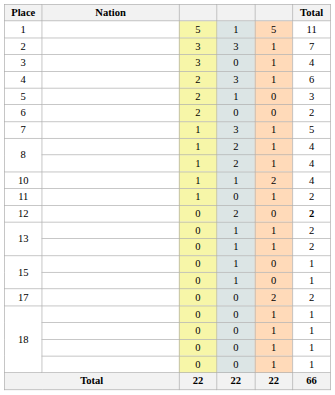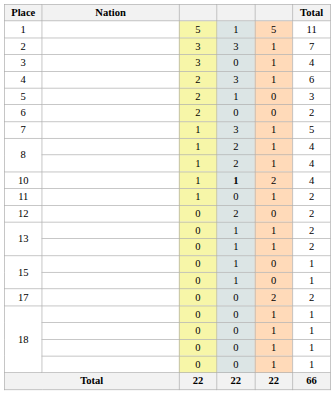 <table class="wikitable" style="border:1px solid #AAAAAA">
 <tr bgcolor="#EFEFEF">
 <th width=50>Place</th>
 <th width=200>Nation</th>
 <th width=50></th>
 <th width=50></th>
 <th width=50></th>
 <th width=50>Total</th>
 </tr>
 <tr align=center bgcolor="#FFFFFF">
 <td>1</td>
 <td align="left"></td>
 <td style="background:#F7F6A8;">5</td>
 <td style="background:#DCE5E5;">1</td>
 <td style="background:#FFDAB9;">5</td>
 <td>11</td>
 </tr>
 <tr align=center bgcolor="#FFFFFF">
 <td>2</td>
 <td align="left"></td>
 <td style="background:#F7F6A8;">3</td>
 <td style="background:#DCE5E5;">3</td>
 <td style="background:#FFDAB9;">1</td>
 <td>7</td>
 </tr>
 <tr align=center bgcolor="#FFFFFF">
 <td>3</td>
 <td align="left"></td>
 <td style="background:#F7F6A8;">3</td>
 <td style="background:#DCE5E5;">0</td>
 <td style="background:#FFDAB9;">1</td>
 <td>4</td>
 </tr>
 <tr align=center bgcolor="#FFFFFF">
 <td>4</td>
 <td align="left"></td>
 <td style="background:#F7F6A8;">2</td>
 <td style="background:#DCE5E5;">3</td>
 <td style="background:#FFDAB9;">1</td>
 <td>6</td>
 </tr>
 <tr align=center bgcolor="#FFFFFF">
 <td>5</td>
 <td align="left"></td>
 <td style="background:#F7F6A8;">2</td>
 <td style="background:#DCE5E5;">1</td>
 <td style="background:#FFDAB9;">0</td>
 <td>3</td>
 </tr>
 <tr align=center bgcolor="#FFFFFF">
 <td>6</td>
 <td align="left"></td>
 <td style="background:#F7F6A8;">2</td>
 <td style="background:#DCE5E5;">0</td>
 <td style="background:#FFDAB9;">0</td>
 <td>2</td>
 </tr>
 <tr align=center bgcolor="#FFFFFF">
 <td>7</td>
 <td align="left"></td>
 <td style="background:#F7F6A8;">1</td>
 <td style="background:#DCE5E5;">3</td>
 <td style="background:#FFDAB9;">1</td>
 <td>5</td>
 </tr>
 <tr align=center bgcolor="#FFFFFF">
 <td rowspan=2>8</td>
 <td align="left"></td>
 <td style="background:#F7F6A8;">1</td>
 <td style="background:#DCE5E5;">2</td>
 <td style="background:#FFDAB9;">1</td>
 <td>4</td>
 </tr>
 <tr align=center bgcolor="#FFFFFF">
 <td align="left"></td>
 <td style="background:#F7F6A8;">1</td>
 <td style="background:#DCE5E5;">2</td>
 <td style="background:#FFDAB9;">1</td>
 <td>4</td>
 </tr>
 <tr align=center bgcolor="#FFFFFF">
 <td>10</td>
 <td align="left"></td>
 <td style="background:#F7F6A8;">1</td>
-<td style="background:#DCE5E5;">1</td>
+<td style="background:#DCE5E5;"><strong>1</strong></td>
 <td style="background:#FFDAB9;">2</td>
 <td>4</td>
 </tr>
 <tr align=center bgcolor="#FFFFFF">
 <td>11</td>
 <td align="left"></td>
 <td style="background:#F7F6A8;">1</td>
 <td style="background:#DCE5E5;">0</td>
 <td style="background:#FFDAB9;">1</td>
 <td>2</td>
 </tr>
 <tr align=center bgcolor="#FFFFFF">
 <td>12</td>
 <td align="left"></td>
 <td style="background:#F7F6A8;">0</td>
 <td style="background:#DCE5E5;">2</td>
 <td style="background:#FFDAB9;">0</td>
-<td><strong>2</strong></td>
+<td>2</td>
 </tr>
 <tr align=center bgcolor="#FFFFFF">
 <td rowspan=2>13</td>
 <td align="left"></td>
 <td style="background:#F7F6A8;">0</td>
 <td style="background:#DCE5E5;">1</td>
 <td style="background:#FFDAB9;">1</td>
 <td>2</td>
 </tr>
 <tr align=center bgcolor="#FFFFFF">
 <td align="left"></td>
 <td style="background:#F7F6A8;">0</td>
 <td style="background:#DCE5E5;">1</td>
 <td style="background:#FFDAB9;">1</td>
 <td>2</td>
 </tr>
 <tr align=center bgcolor="#FFFFFF">
 <td rowspan=2>15</td>
 <td align="left"></td>
 <td style="background:#F7F6A8;">0</td>
 <td style="background:#DCE5E5;">1</td>
 <td style="background:#FFDAB9;">0</td>
 <td>1</td>
 </tr>
 <tr align=center bgcolor="#FFFFFF">
 <td align="left"></td>
 <td style="background:#F7F6A8;">0</td>
 <td style="background:#DCE5E5;">1</td>
 <td style="background:#FFDAB9;">0</td>
 <td>1</td>
 </tr>
 <tr align=center bgcolor="#FFFFFF">
 <td>17</td>
 <td align="left"></td>
 <td style="background:#F7F6A8;">0</td>
 <td style="background:#DCE5E5;">0</td>
 <td style="background:#FFDAB9;">2</td>
 <td>2</td>
 </tr>
 <tr align=center bgcolor="#FFFFFF">
 <td rowspan=4>18</td>
 <td align="left"></td>
 <td style="background:#F7F6A8;">0</td>
 <td style="background:#DCE5E5;">0</td>
 <td style="background:#FFDAB9;">1</td>
 <td>1</td>
 </tr>
 <tr align=center bgcolor="#FFFFFF">
 <td align="left"></td>
 <td style="background:#F7F6A8;">0</td>
 <td style="background:#DCE5E5;">0</td>
 <td style="background:#FFDAB9;">1</td>
 <td>1</td>
 </tr>
 <tr align=center bgcolor="#FFFFFF">
 <td align="left"></td>
 <td style="background:#F7F6A8;">0</td>
 <td style="background:#DCE5E5;">0</td>
 <td style="background:#FFDAB9;">1</td>
 <td>1</td>
 </tr>
 <tr align=center bgcolor="#FFFFFF">
 <td align="left"></td>
 <td style="background:#F7F6A8;">0</td>
 <td style="background:#DCE5E5;">0</td>
 <td style="background:#FFDAB9;">1</td>
 <td>1</td>
 </tr>
 <tr bgcolor="#EFEFEF">
 <th colspan=2>Total</th>
 <th>22</th>
 <th>22</th>
 <th>22</th>
 <th>66</th>
 </tr>
 </table>
